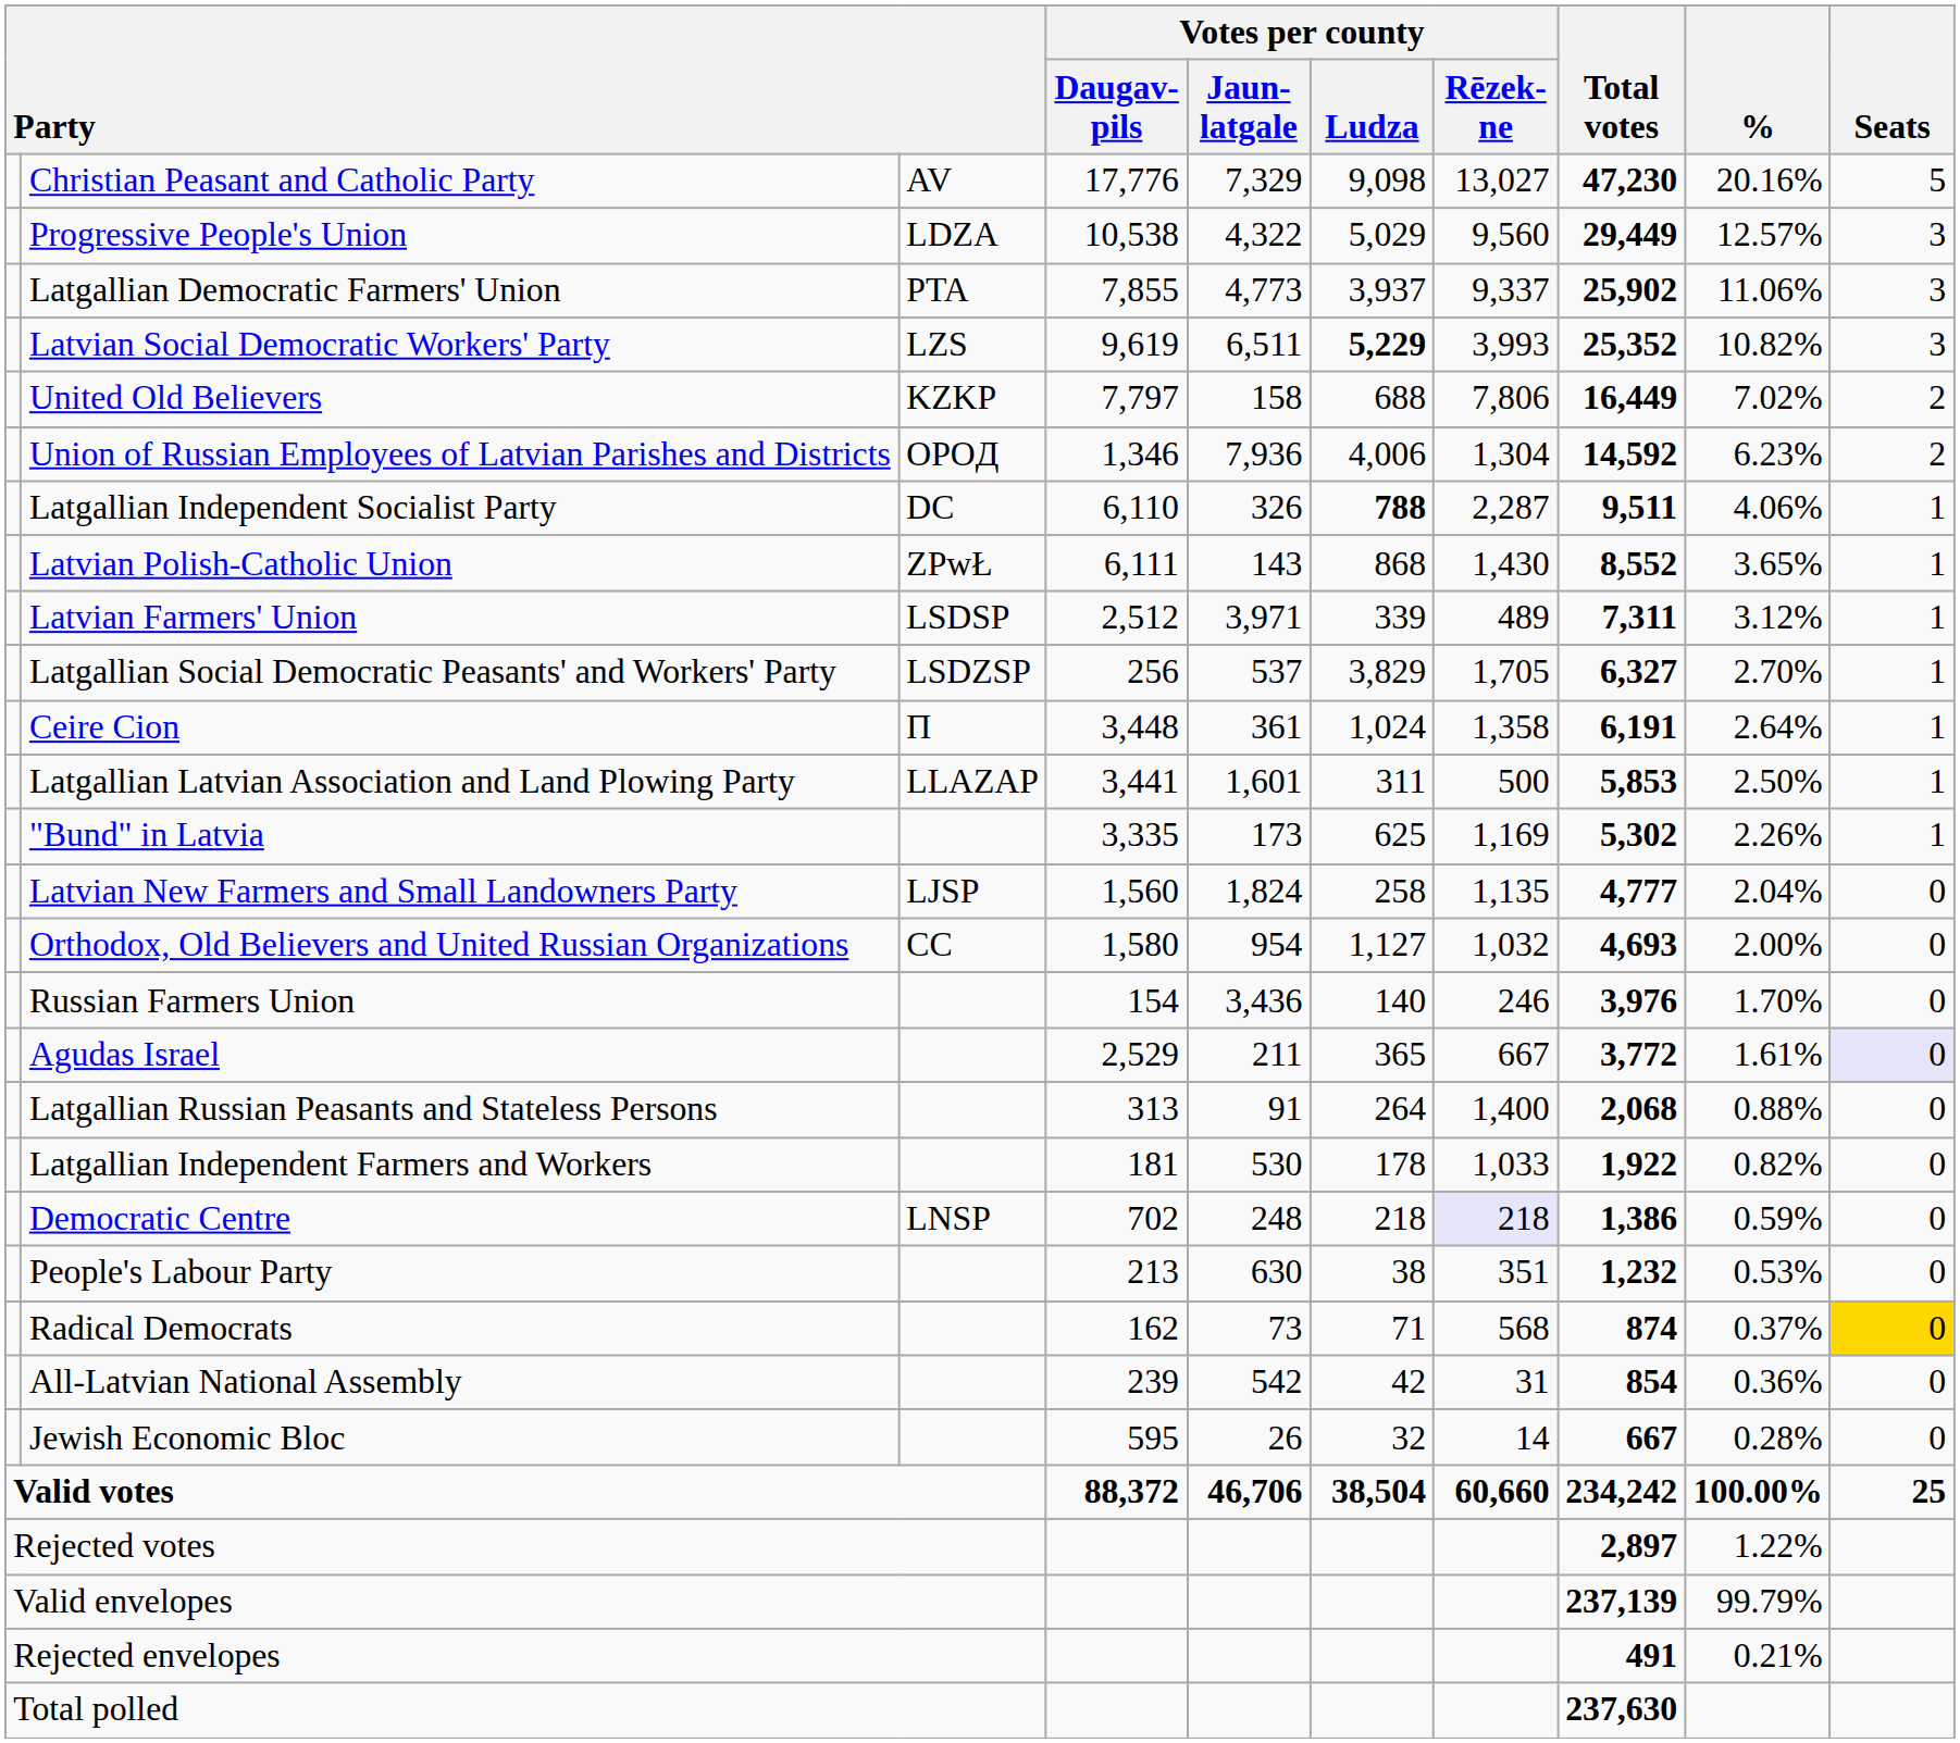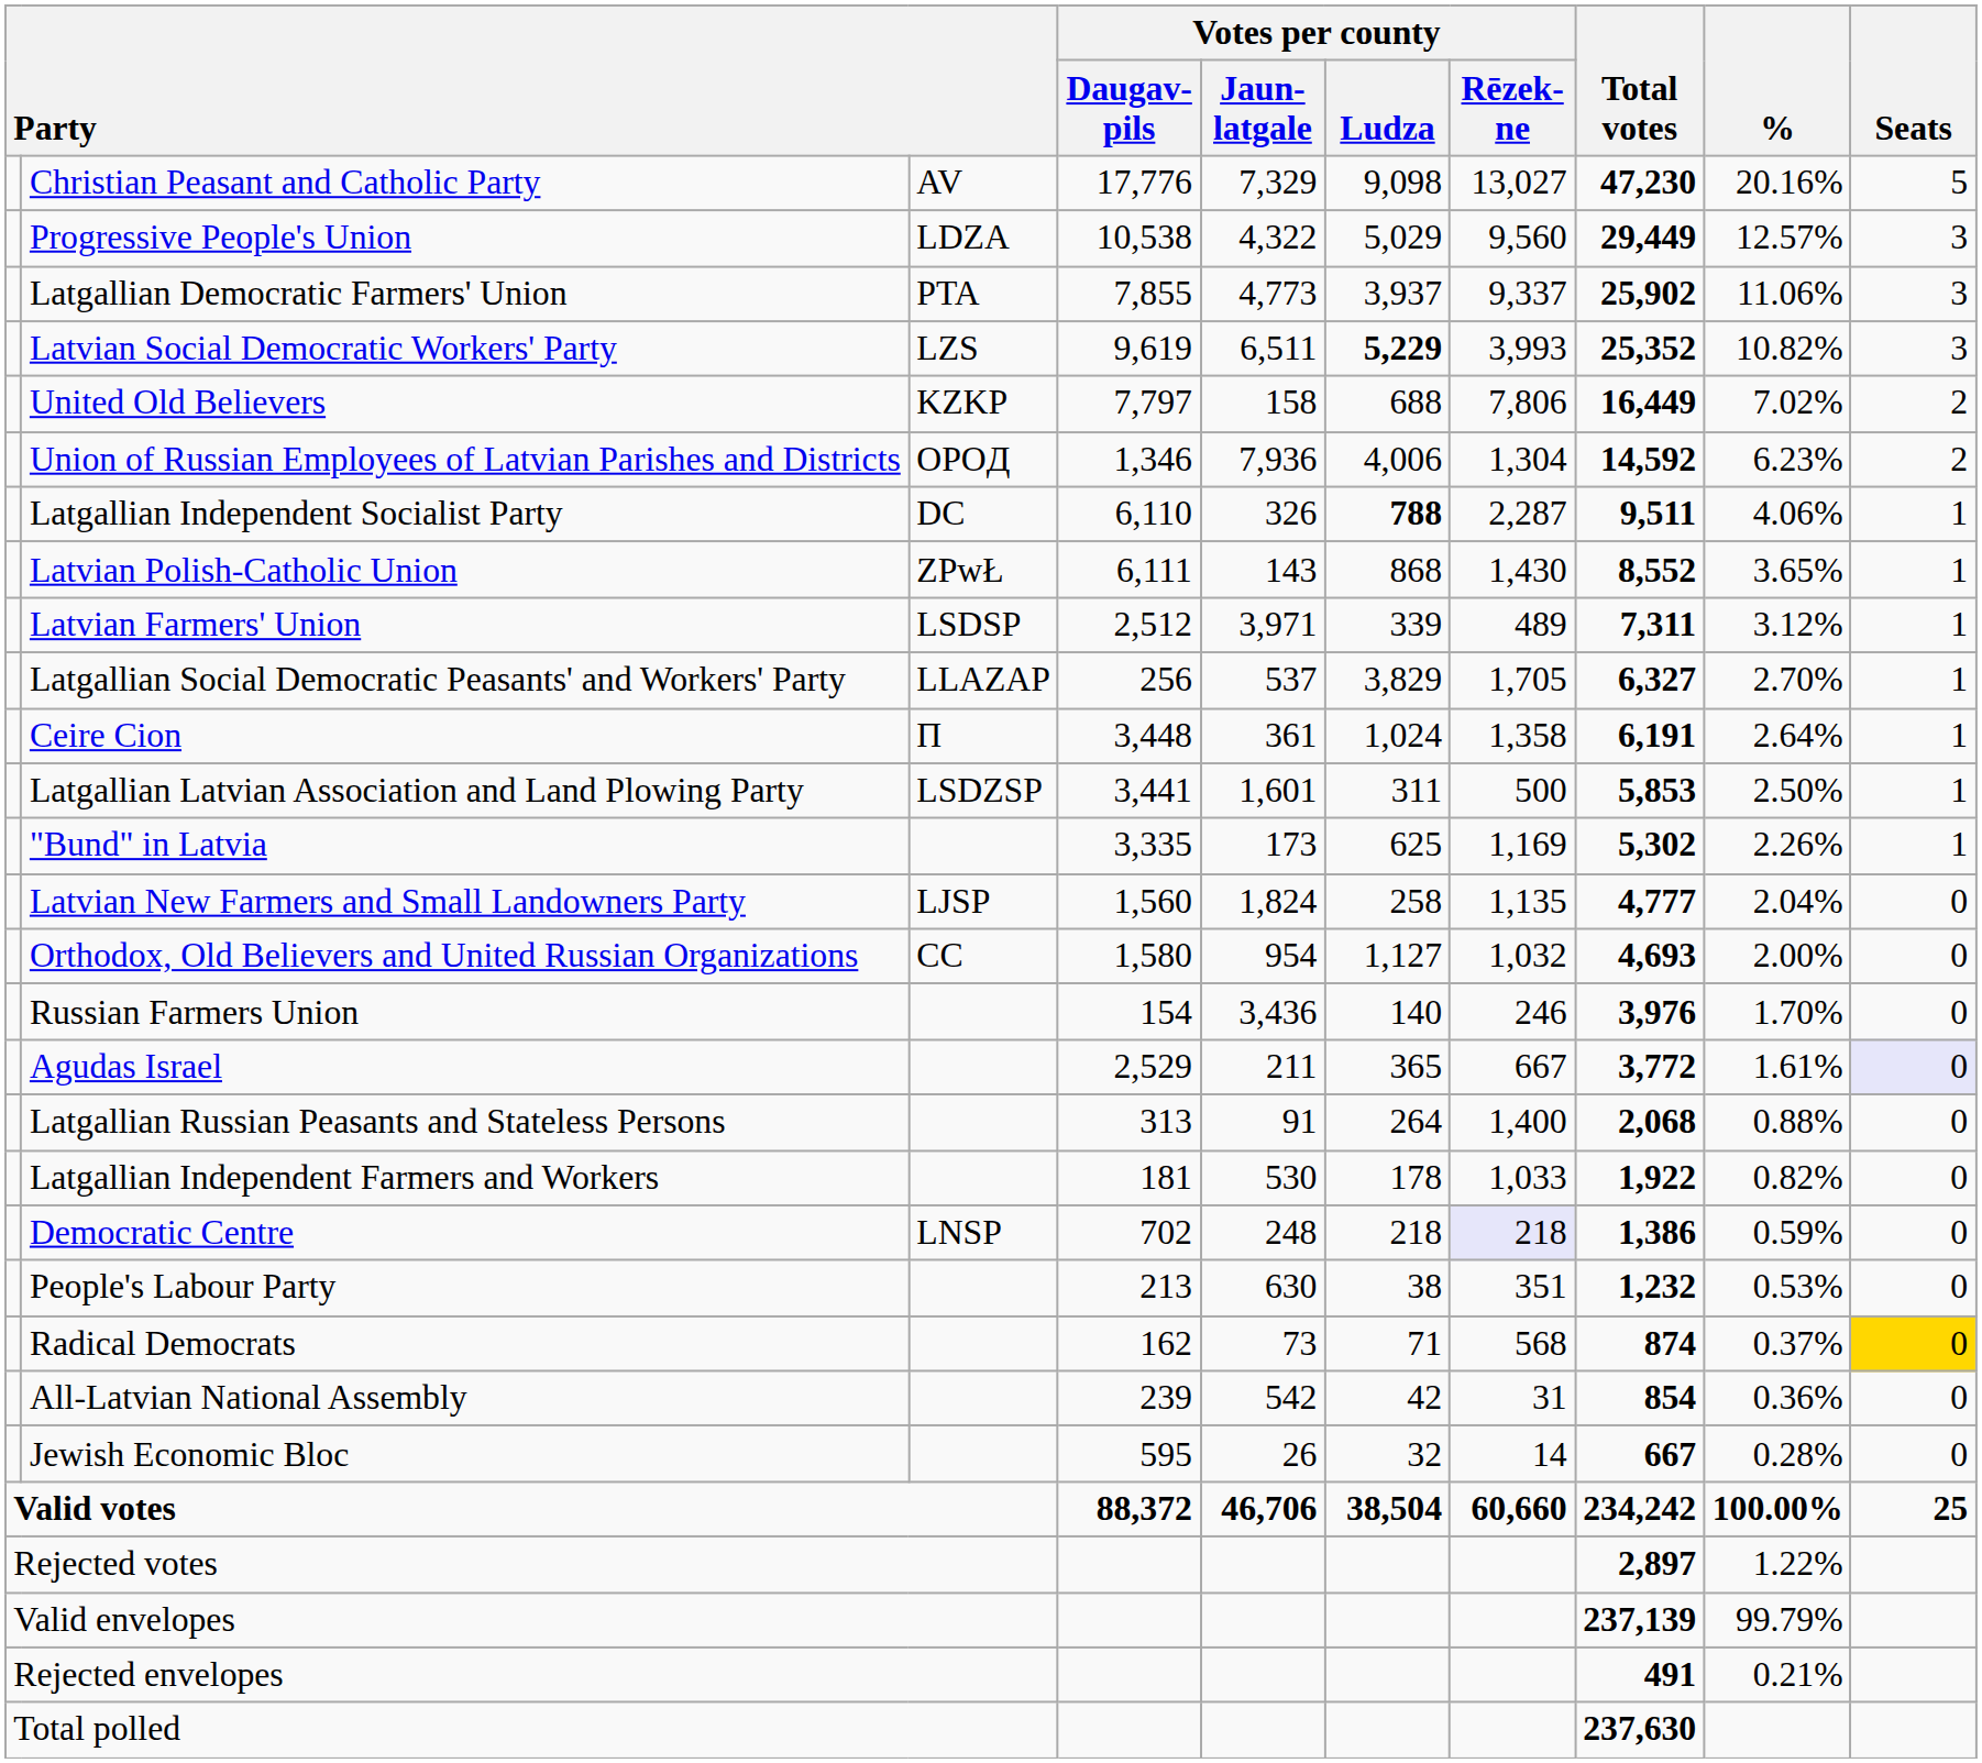 <table class="wikitable" border="1" style="text-align:right;">
 <tr>
 <th style="text-align:left;" valign=bottom rowspan=2 colspan=3>Party</th>
 <th colspan=4>Votes per county</th>
 <th align=center valign=bottom rowspan=2 width="50">Total votes</th>
 <th align=center valign=bottom rowspan=2 width="50">%</th>
 <th align=center valign=bottom rowspan=2 width="50">Seats</th>
 </tr>
 <tr>
 <th align=center valign=bottom width="50"><a href='#'>Daugav- pils</a></th>
 <th align=center valign=bottom width="50"><a href='#'>Jaun- latgale</a></th>
 <th align=center valign=bottom width="50"><a href='#'>Ludza</a></th>
 <th align=center valign=bottom width="50"><a href='#'>Rēzek- ne</a></th>
 </tr>
 <tr>
 <td></td>
 <td align=left><a href='#'>Christian Peasant and Catholic Party</a></td>
 <td align=left>AV</td>
 <td>17,776</td>
 <td>7,329</td>
 <td>9,098</td>
 <td>13,027</td>
 <td><strong>47,230</strong></td>
 <td>20.16%</td>
 <td>5</td>
 </tr>
 <tr>
 <td></td>
 <td align=left><a href='#'>Progressive People's Union</a></td>
 <td align=left>LDZA</td>
 <td>10,538</td>
 <td>4,322</td>
 <td>5,029</td>
 <td>9,560</td>
 <td><strong>29,449</strong></td>
 <td>12.57%</td>
 <td>3</td>
 </tr>
 <tr>
 <td></td>
 <td align=left>Latgallian Democratic Farmers' Union</td>
 <td align=left>PTA</td>
 <td>7,855</td>
 <td>4,773</td>
 <td>3,937</td>
 <td>9,337</td>
 <td><strong>25,902</strong></td>
 <td>11.06%</td>
 <td>3</td>
 </tr>
 <tr>
 <td></td>
 <td align=left style="white-space: nowrap;"><a href='#'>Latvian Social Democratic Workers' Party</a></td>
 <td align=left>LZS</td>
 <td>9,619</td>
 <td>6,511</td>
 <td><strong>5,229</strong></td>
 <td>3,993</td>
 <td><strong>25,352</strong></td>
 <td>10.82%</td>
 <td>3</td>
 </tr>
 <tr>
 <td></td>
 <td align=left><a href='#'>United Old Believers</a></td>
 <td align=left>KZKP</td>
 <td>7,797</td>
 <td>158</td>
 <td>688</td>
 <td>7,806</td>
 <td><strong>16,449</strong></td>
 <td>7.02%</td>
 <td>2</td>
 </tr>
 <tr>
 <td></td>
 <td align=left><a href='#'>Union of Russian Employees of Latvian Parishes and Districts</a></td>
 <td align=left>OPOД</td>
 <td>1,346</td>
 <td>7,936</td>
 <td>4,006</td>
 <td>1,304</td>
 <td><strong>14,592</strong></td>
 <td>6.23%</td>
 <td>2</td>
 </tr>
 <tr>
 <td></td>
 <td align=left>Latgallian Independent Socialist Party</td>
 <td align=left>DC</td>
 <td>6,110</td>
 <td>326</td>
 <td><strong>788</strong></td>
 <td>2,287</td>
 <td><strong>9,511</strong></td>
 <td>4.06%</td>
 <td>1</td>
 </tr>
 <tr>
 <td></td>
 <td align=left><a href='#'>Latvian Polish-Catholic Union</a></td>
 <td align=left>ZPwŁ</td>
 <td>6,111</td>
 <td>143</td>
 <td>868</td>
 <td>1,430</td>
 <td><strong>8,552</strong></td>
 <td>3.65%</td>
 <td>1</td>
 </tr>
 <tr>
 <td></td>
 <td align=left><a href='#'>Latvian Farmers' Union</a></td>
 <td align=left>LSDSP</td>
 <td>2,512</td>
 <td>3,971</td>
 <td>339</td>
 <td>489</td>
 <td><strong>7,311</strong></td>
 <td>3.12%</td>
 <td>1</td>
 </tr>
 <tr>
 <td></td>
 <td align=left>Latgallian Social Democratic Peasants' and Workers' Party</td>
-<td align=left>LSDZSP</td>
+<td align=left>LLAZAP</td>
 <td>256</td>
 <td>537</td>
 <td>3,829</td>
 <td>1,705</td>
 <td><strong>6,327</strong></td>
 <td>2.70%</td>
 <td>1</td>
 </tr>
 <tr>
 <td></td>
 <td align=left><a href='#'>Ceire Cion</a></td>
 <td align=left>П</td>
 <td>3,448</td>
 <td>361</td>
 <td>1,024</td>
 <td>1,358</td>
 <td><strong>6,191</strong></td>
 <td>2.64%</td>
 <td>1</td>
 </tr>
 <tr>
 <td></td>
 <td align=left>Latgallian Latvian Association and Land Plowing Party</td>
-<td align=left>LLAZAP</td>
+<td align=left>LSDZSP</td>
 <td>3,441</td>
 <td>1,601</td>
 <td>311</td>
 <td>500</td>
 <td><strong>5,853</strong></td>
 <td>2.50%</td>
 <td>1</td>
 </tr>
 <tr>
 <td></td>
 <td align=left><a href='#'>"Bund" in Latvia</a></td>
 <td align=left></td>
 <td>3,335</td>
 <td>173</td>
 <td>625</td>
 <td>1,169</td>
 <td><strong>5,302</strong></td>
 <td>2.26%</td>
 <td>1</td>
 </tr>
 <tr>
 <td></td>
 <td align=left><a href='#'>Latvian New Farmers and Small Landowners Party</a></td>
 <td align=left>LJSP</td>
 <td>1,560</td>
 <td>1,824</td>
 <td>258</td>
 <td>1,135</td>
 <td><strong>4,777</strong></td>
 <td>2.04%</td>
 <td>0</td>
 </tr>
 <tr>
 <td></td>
 <td align=left><a href='#'>Orthodox, Old Believers and United Russian Organizations</a></td>
 <td align=left>CC</td>
 <td>1,580</td>
 <td>954</td>
 <td>1,127</td>
 <td>1,032</td>
 <td><strong>4,693</strong></td>
 <td>2.00%</td>
 <td>0</td>
 </tr>
 <tr>
 <td></td>
 <td align=left>Russian Farmers Union</td>
 <td align=left></td>
 <td>154</td>
 <td>3,436</td>
 <td>140</td>
 <td>246</td>
 <td><strong>3,976</strong></td>
 <td>1.70%</td>
 <td>0</td>
 </tr>
 <tr>
 <td></td>
 <td align=left><a href='#'>Agudas Israel</a></td>
 <td align=left></td>
 <td>2,529</td>
 <td>211</td>
 <td>365</td>
 <td>667</td>
 <td><strong>3,772</strong></td>
 <td>1.61%</td>
 <td style="background: lavender;">0</td>
 </tr>
 <tr>
 <td></td>
 <td align=left>Latgallian Russian Peasants and Stateless Persons</td>
 <td align=left></td>
 <td>313</td>
 <td>91</td>
 <td>264</td>
 <td>1,400</td>
 <td><strong>2,068</strong></td>
 <td>0.88%</td>
 <td>0</td>
 </tr>
 <tr>
 <td></td>
 <td align=left>Latgallian Independent Farmers and Workers</td>
 <td align=left></td>
 <td>181</td>
 <td>530</td>
 <td>178</td>
 <td>1,033</td>
 <td><strong>1,922</strong></td>
 <td>0.82%</td>
 <td>0</td>
 </tr>
 <tr>
 <td></td>
 <td align=left><a href='#'>Democratic Centre</a></td>
 <td align=left>LNSP</td>
 <td>702</td>
 <td>248</td>
 <td>218</td>
 <td style="background: lavender;">218</td>
 <td><strong>1,386</strong></td>
 <td>0.59%</td>
 <td>0</td>
 </tr>
 <tr>
 <td></td>
 <td align=left>People's Labour Party</td>
 <td align=left></td>
 <td>213</td>
 <td>630</td>
 <td>38</td>
 <td>351</td>
 <td><strong>1,232</strong></td>
 <td>0.53%</td>
 <td>0</td>
 </tr>
 <tr>
 <td></td>
 <td align=left>Radical Democrats</td>
 <td align=left></td>
 <td>162</td>
 <td>73</td>
 <td>71</td>
 <td>568</td>
 <td><strong>874</strong></td>
 <td>0.37%</td>
 <td style="background: gold;">0</td>
 </tr>
 <tr>
 <td></td>
 <td align=left>All-Latvian National Assembly</td>
 <td align=left></td>
 <td>239</td>
 <td>542</td>
 <td>42</td>
 <td>31</td>
 <td><strong>854</strong></td>
 <td>0.36%</td>
 <td>0</td>
 </tr>
 <tr>
 <td></td>
 <td align=left>Jewish Economic Bloc</td>
 <td align=left></td>
 <td>595</td>
 <td>26</td>
 <td>32</td>
 <td>14</td>
 <td><strong>667</strong></td>
 <td>0.28%</td>
 <td>0</td>
 </tr>
 <tr style="font-weight:bold">
 <td align=left colspan=3>Valid votes</td>
 <td>88,372</td>
 <td>46,706</td>
 <td>38,504</td>
 <td>60,660</td>
 <td>234,242</td>
 <td>100.00%</td>
 <td>25</td>
 </tr>
 <tr>
 <td align=left colspan=3>Rejected votes</td>
 <td></td>
 <td></td>
 <td></td>
 <td></td>
 <td><strong>2,897</strong></td>
 <td>1.22%</td>
 <td></td>
 </tr>
 <tr>
 <td align=left colspan=3>Valid envelopes</td>
 <td></td>
 <td></td>
 <td></td>
 <td></td>
 <td><strong>237,139</strong></td>
 <td>99.79%</td>
 <td></td>
 </tr>
 <tr>
 <td align=left colspan=3>Rejected envelopes</td>
 <td></td>
 <td></td>
 <td></td>
 <td></td>
 <td><strong>491</strong></td>
 <td>0.21%</td>
 <td></td>
 </tr>
 <tr>
 <td align=left colspan=3>Total polled</td>
 <td></td>
 <td></td>
 <td></td>
 <td></td>
 <td><strong>237,630</strong></td>
 <td></td>
 <td></td>
 </tr>
 </table>
